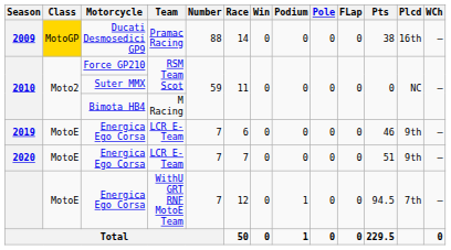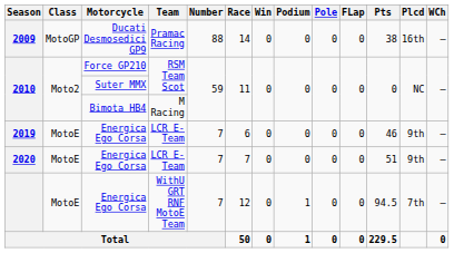 <table class="wikitable">
 <tr>
 <th>Season</th>
 <th>Class</th>
 <th>Motorcycle</th>
 <th>Team</th>
 <th>Number</th>
 <th>Race</th>
 <th>Win</th>
 <th>Podium</th>
 <th><a href='#'>Pole</a></th>
 <th>FLap</th>
 <th>Pts</th>
 <th>Plcd</th>
 <th>WCh</th>
 </tr>
 <tr align="right">
 <th><a href='#'>2009</a></th>
-<td style="background: gold;">MotoGP</td>
+<td>MotoGP</td>
 <td><a href='#'>Ducati Desmosedici GP9</a></td>
 <td><a href='#'>Pramac Racing</a></td>
 <td>88</td>
 <td>14</td>
 <td>0</td>
 <td>0</td>
 <td>0</td>
 <td>0</td>
 <td>38</td>
 <td>16th</td>
 <td>–</td>
 </tr>
 <tr align="right">
 <th rowspan=3><a href='#'>2010</a></th>
 <td rowspan=3>Moto2</td>
 <td><a href='#'>Force GP210</a></td>
 <td rowspan=2><a href='#'>RSM Team Scot</a></td>
 <td rowspan=3>59</td>
 <td rowspan=3>11</td>
 <td rowspan=3>0</td>
 <td rowspan=3>0</td>
 <td rowspan=3>0</td>
 <td rowspan=3>0</td>
 <td rowspan=3>0</td>
 <td rowspan=3>NC</td>
 <td rowspan=3>–</td>
 </tr>
 <tr align="right">
 <td><a href='#'>Suter MMX</a></td>
 </tr>
 <tr align="right">
 <td><a href='#'>Bimota HB4</a></td>
 <td>M Racing</td>
 </tr>
 <tr align="right">
 <th><a href='#'>2019</a></th>
 <td>MotoE</td>
 <td><a href='#'>Energica Ego Corsa</a></td>
 <td><a href='#'>LCR E-Team</a></td>
 <td>7</td>
 <td>6</td>
 <td>0</td>
 <td>0</td>
 <td>0</td>
 <td>0</td>
 <td>46</td>
 <td>9th</td>
 <td>–</td>
 </tr>
 <tr align="right">
 <th><a href='#'>2020</a></th>
 <td>MotoE</td>
 <td><a href='#'>Energica Ego Corsa</a></td>
 <td><a href='#'>LCR E-Team</a></td>
 <td>7</td>
 <td>7</td>
 <td>0</td>
 <td>0</td>
 <td>0</td>
 <td>0</td>
 <td>51</td>
 <td>9th</td>
 <td>–</td>
 </tr>
 <tr align="right">
 <th></th>
 <td>MotoE</td>
 <td><a href='#'>Energica Ego Corsa</a></td>
 <td><a href='#'>WithU GRT RNF MotoE Team</a></td>
 <td>7</td>
 <td>12</td>
 <td>0</td>
 <td>1</td>
 <td>0</td>
 <td>0</td>
 <td>94.5</td>
 <td>7th</td>
 <td>–</td>
 </tr>
 <tr align="right">
 <th colspan=5>Total</th>
 <td><strong>50</strong></td>
 <td><strong>0</strong></td>
 <td><strong>1</strong></td>
 <td><strong>0</strong></td>
 <td><strong>0</strong></td>
 <td><strong>229.5</strong></td>
 <td></td>
 <td><strong>0</strong></td>
 </tr>
 </table>
